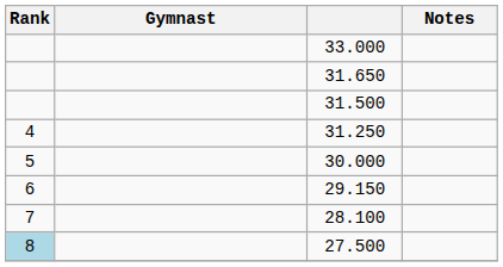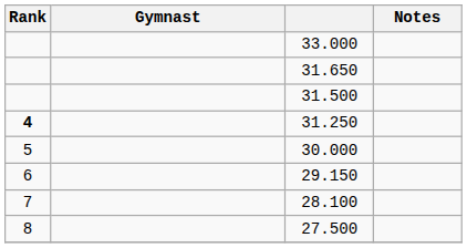 <table class="wikitable sortable" style="text-align:center; font-size:90%">
 <tr>
 <th scope="col" style="width:20px;">Rank</th>
 <th ! scope="col" style="width:170px;">Gymnast</th>
 <th ! scope="col" style="width:60px;"></th>
 <th ! scope="col" style="width:60px;">Notes</th>
 </tr>
 <tr>
 <td></td>
 <td align=left></td>
 <td>33.000</td>
 <td></td>
 </tr>
 <tr>
 <td></td>
 <td align=left></td>
 <td>31.650</td>
 <td></td>
 </tr>
 <tr>
 <td></td>
 <td align=left></td>
 <td>31.500</td>
 <td></td>
 </tr>
 <tr>
-<td>4</td>
+<td><strong>4</strong></td>
 <td align=left></td>
 <td>31.250</td>
 <td></td>
 </tr>
 <tr>
 <td>5</td>
 <td align=left></td>
 <td>30.000</td>
 <td></td>
 </tr>
 <tr>
 <td>6</td>
 <td align=left></td>
 <td>29.150</td>
 <td></td>
 </tr>
 <tr>
 <td>7</td>
 <td align=left></td>
 <td>28.100</td>
 <td></td>
 </tr>
 <tr>
-<td style="background: lightblue;">8</td>
+<td>8</td>
 <td align=left></td>
 <td>27.500</td>
 <td></td>
 </tr>
 <tr>
 </tr>
 </table>
